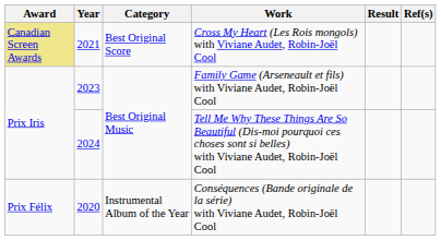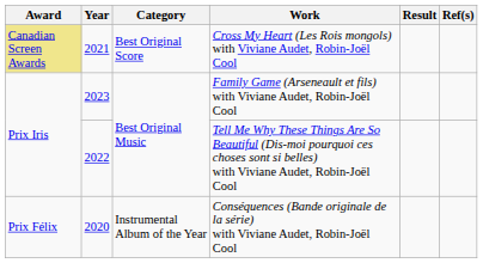 <table class="wikitable plainrowheaders sortable">
 <tr>
 <th>Award</th>
 <th>Year</th>
 <th>Category</th>
 <th>Work</th>
 <th>Result</th>
 <th>Ref(s)</th>
 </tr>
 <tr>
 <td style="background: khaki;"><a href='#'>Canadian Screen Awards</a></td>
 <td><a href='#'>2021</a></td>
 <td><a href='#'>Best Original Score</a></td>
 <td><em><a href='#'>Cross My Heart</a> (Les Rois mongols)</em><br>with <a href='#'>Viviane Audet</a>, <a href='#'>Robin-Joël Cool</a></td>
 <td></td>
 <td></td>
 </tr>
 <tr>
 <td rowspan=2><a href='#'>Prix Iris</a></td>
 <td><a href='#'>2023</a></td>
 <td rowspan=2><a href='#'>Best Original Music</a></td>
 <td><em><a href='#'>Family Game</a> (Arseneault et fils)</em><br>with Viviane Audet, Robin-Joël Cool</td>
 <td></td>
 <td></td>
 </tr>
 <tr>
-<td><a href='#'>2024</a></td>
+<td><a href='#'>2022</a></td>
 <td><em><a href='#'>Tell Me Why These Things Are So Beautiful</a> (Dis-moi pourquoi ces choses sont si belles)</em><br>with Viviane Audet, Robin-Joël Cool</td>
 <td></td>
 <td></td>
 </tr>
 <tr>
 <td><a href='#'>Prix Félix</a></td>
 <td><a href='#'>2020</a></td>
 <td>Instrumental Album of the Year</td>
 <td><em>Conséquences (Bande originale de la série)</em><br>with Viviane Audet, Robin-Joël Cool</td>
 <td></td>
 <td></td>
 </tr>
 </table>
